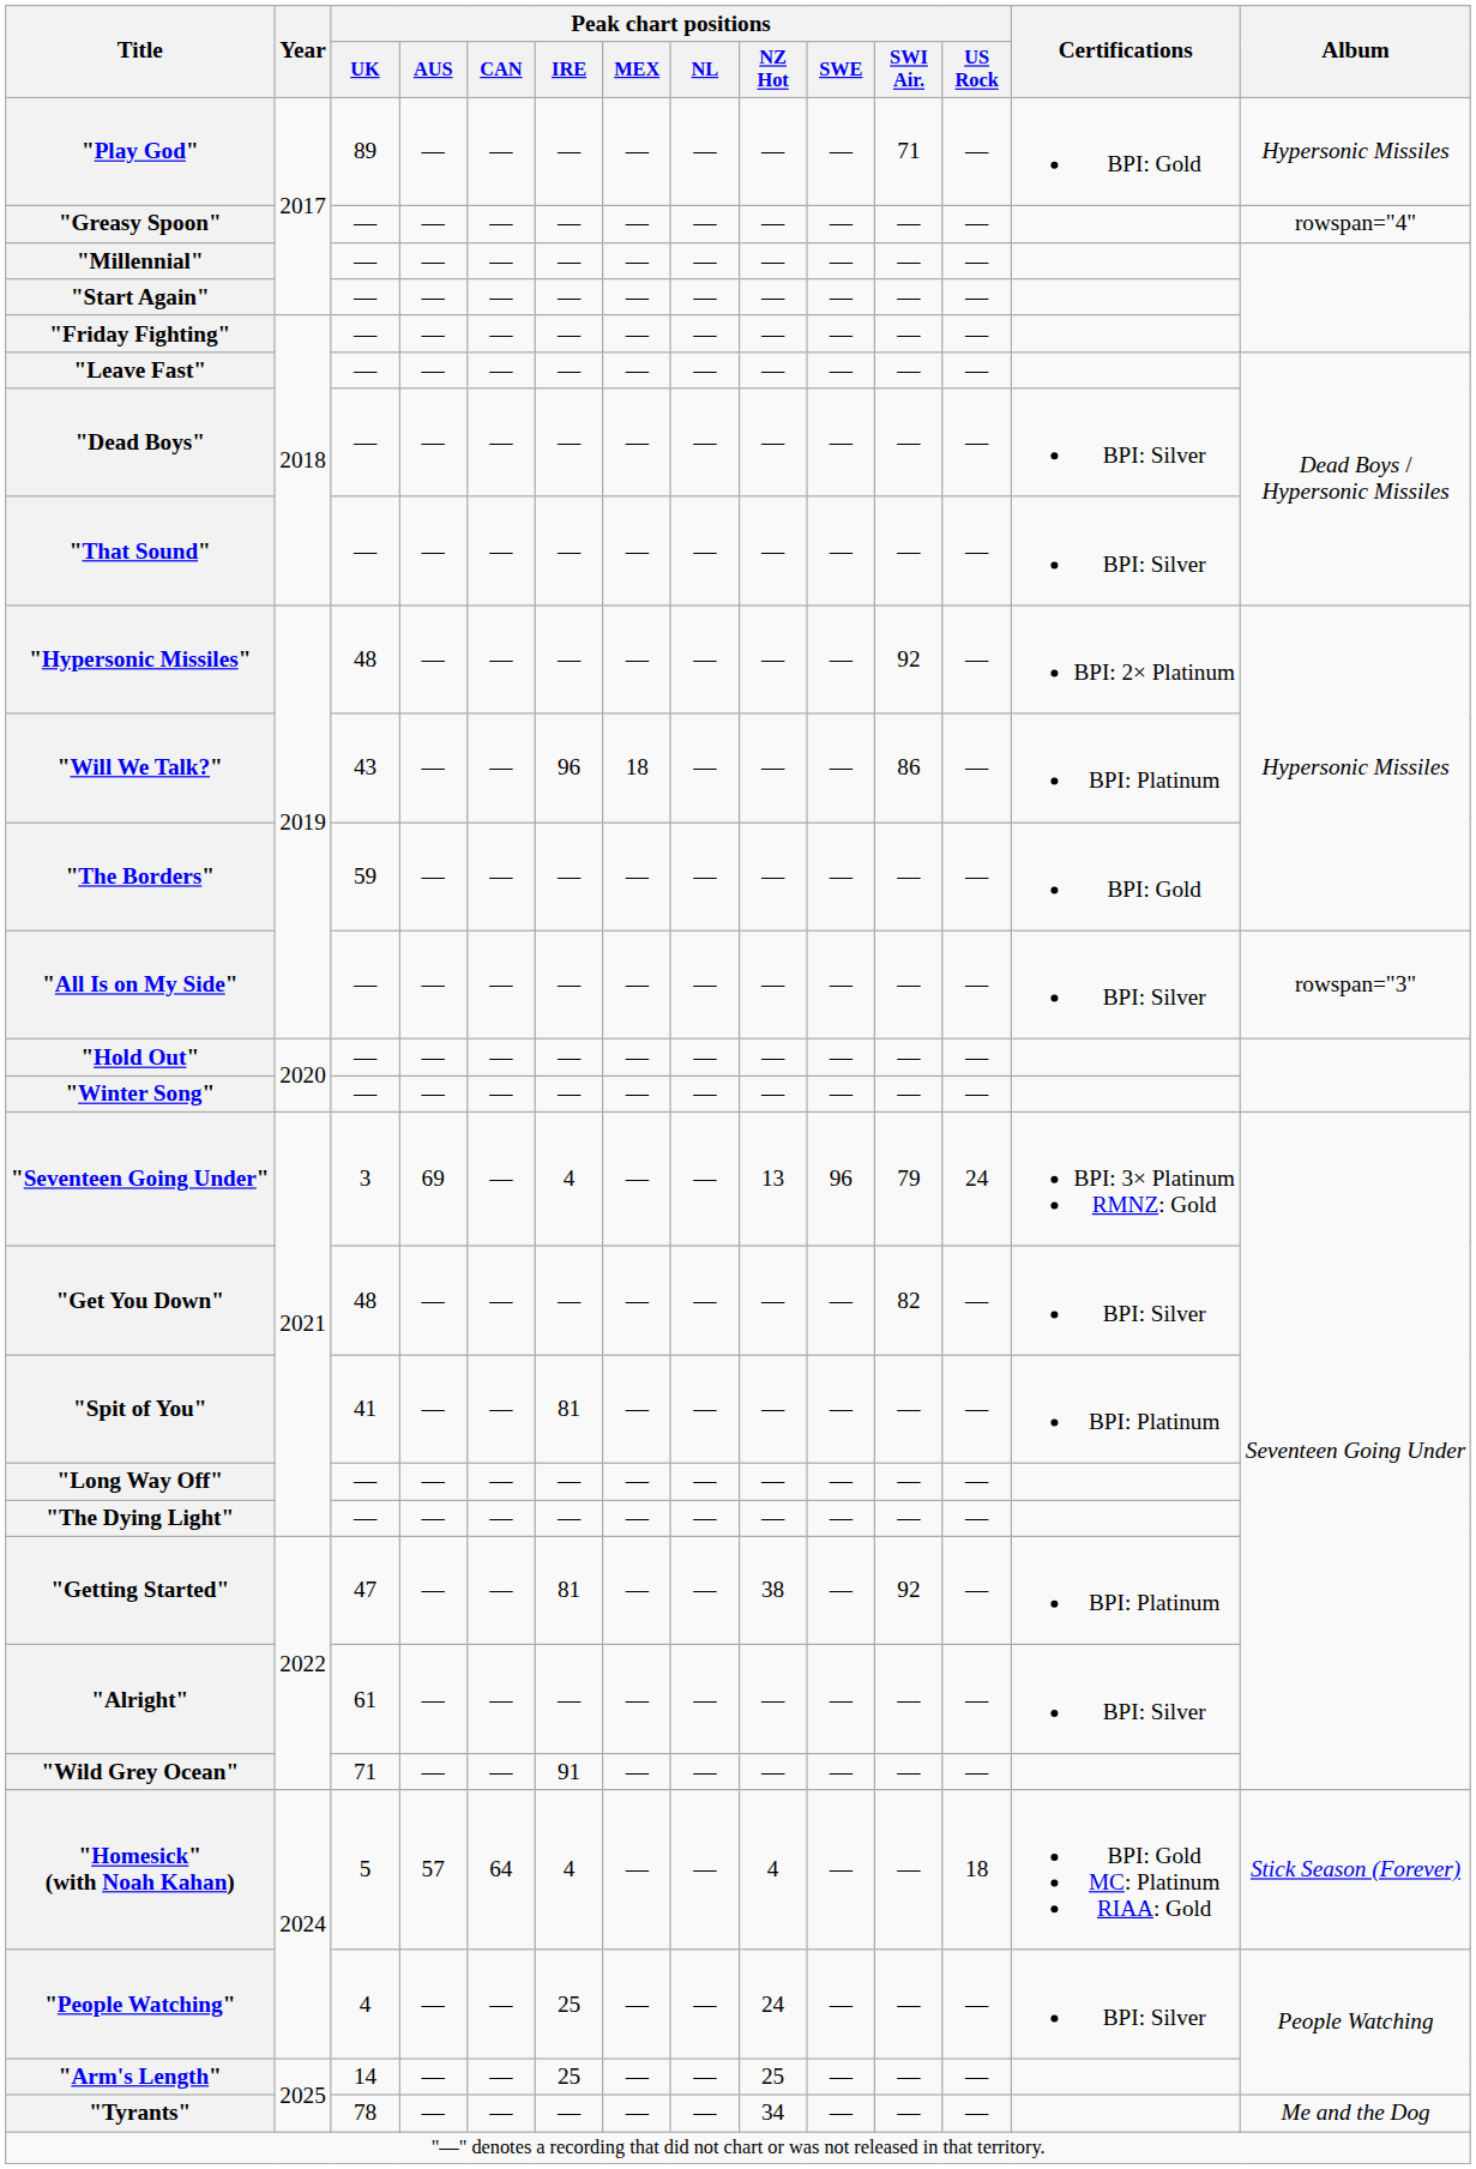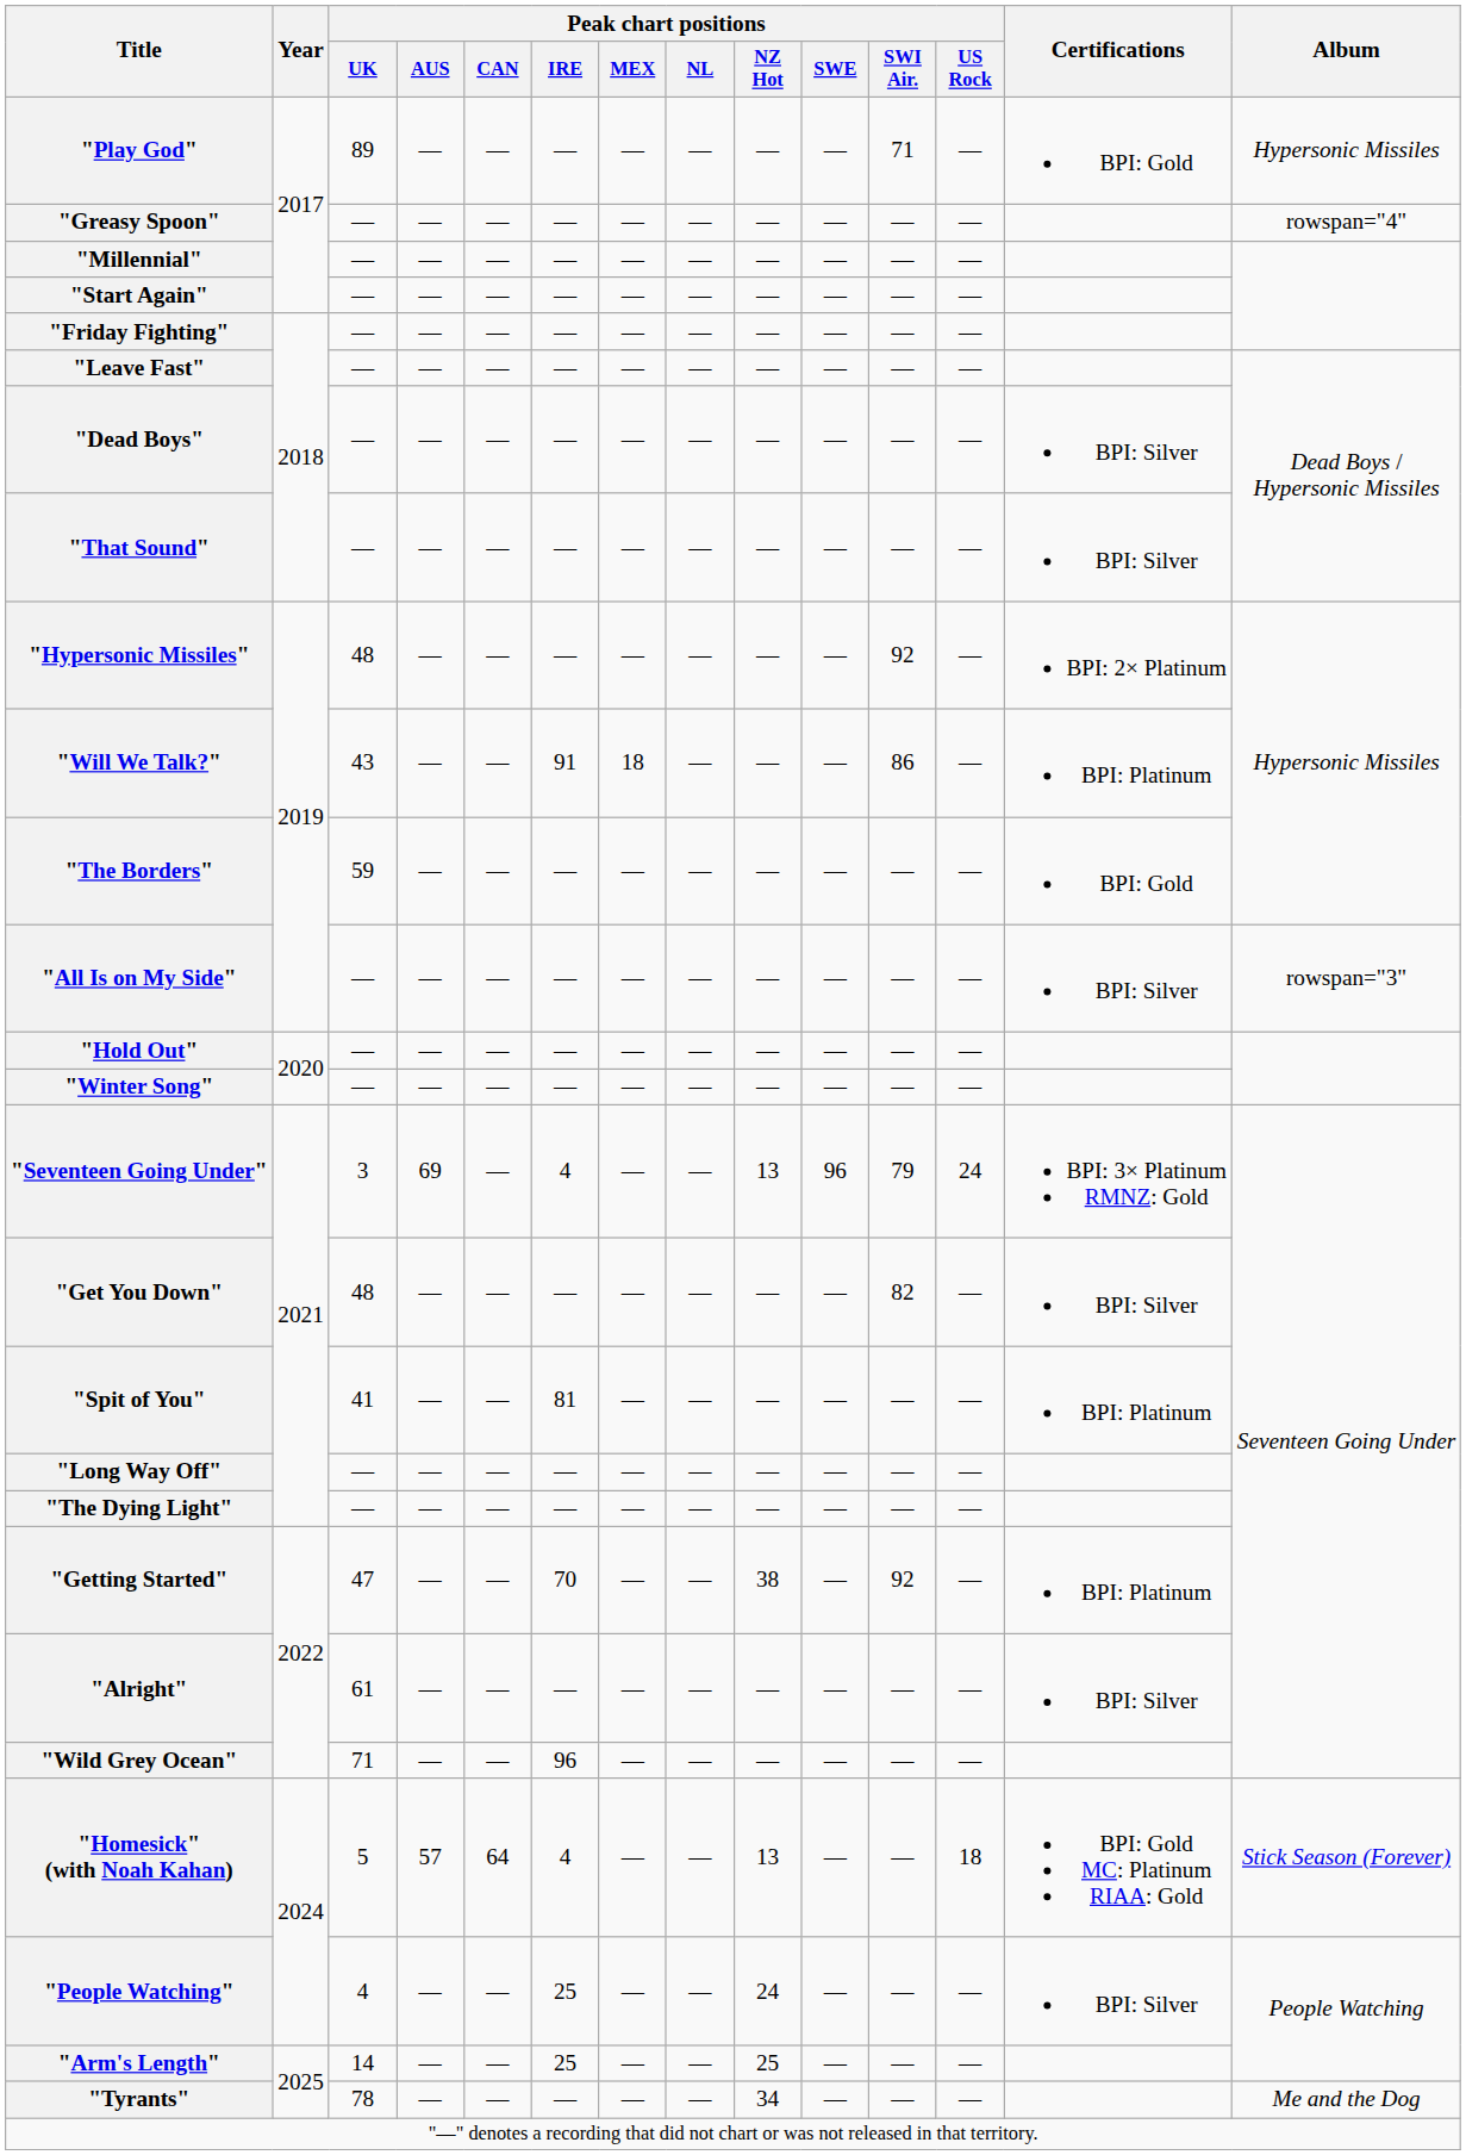 <table class="wikitable plainrowheaders" style="text-align:center;">
 <tr>
 <th scope="col" rowspan="2">Title</th>
 <th scope="col" rowspan="2" style="width:1em;">Year</th>
 <th scope="col" colspan="10">Peak chart positions</th>
 <th scope="col" rowspan="2">Certifications</th>
 <th scope="col" rowspan="2">Album</th>
 </tr>
 <tr>
 <th scope="col" style="width:3em;font-size:85%;"><a href='#'>UK</a><br></th>
 <th scope="col" style="width:3em;font-size:85%;"><a href='#'>AUS</a><br></th>
 <th scope="col" style="width:3em;font-size:85%;"><a href='#'>CAN</a><br></th>
 <th scope="col" style="width:3em;font-size:85%;"><a href='#'>IRE</a><br></th>
 <th scope="col" style="width:3em;font-size:85%;"><a href='#'>MEX</a><br></th>
 <th scope="col" style="width:3em;font-size:85%;"><a href='#'>NL</a><br></th>
 <th scope="col" style="width:3em;font-size:85%;"><a href='#'>NZ<br>Hot</a><br></th>
 <th scope="col" style="width:3em;font-size:85%;"><a href='#'>SWE</a><br></th>
 <th scope="col" style="width:3em;font-size:85%;"><a href='#'>SWI<br>Air.</a><br></th>
 <th scope="col" style="width:3em;font-size:85%;"><a href='#'>US<br>Rock</a><br></th>
 </tr>
 <tr>
 <th scope="row">"<a href='#'>Play God</a>"</th>
 <td rowspan="4">2017</td>
 <td>89</td>
 <td>—</td>
 <td>—</td>
 <td>—</td>
 <td>—</td>
 <td>—</td>
 <td>—</td>
 <td>—</td>
 <td>71</td>
 <td>—</td>
 <td><br><ul><li>BPI: Gold</li></ul></td>
 <td><em>Hypersonic Missiles</em></td>
 </tr>
 <tr>
 <th scope="row">"Greasy Spoon"</th>
 <td>—</td>
 <td>—</td>
 <td>—</td>
 <td>—</td>
 <td>—</td>
 <td>—</td>
 <td>—</td>
 <td>—</td>
 <td>—</td>
 <td>—</td>
 <td></td>
 <td>rowspan="4" </td>
 </tr>
 <tr>
 <th scope="row">"Millennial"</th>
 <td>—</td>
 <td>—</td>
 <td>—</td>
 <td>—</td>
 <td>—</td>
 <td>—</td>
 <td>—</td>
 <td>—</td>
 <td>—</td>
 <td>—</td>
 <td></td>
 </tr>
 <tr>
 <th scope="row">"Start Again"</th>
 <td>—</td>
 <td>—</td>
 <td>—</td>
 <td>—</td>
 <td>—</td>
 <td>—</td>
 <td>—</td>
 <td>—</td>
 <td>—</td>
 <td>—</td>
 <td></td>
 </tr>
 <tr>
 <th scope="row">"Friday Fighting"</th>
 <td rowspan="4">2018</td>
 <td>—</td>
 <td>—</td>
 <td>—</td>
 <td>—</td>
 <td>—</td>
 <td>—</td>
 <td>—</td>
 <td>—</td>
 <td>—</td>
 <td>—</td>
 <td></td>
 </tr>
 <tr>
 <th scope="row">"Leave Fast"</th>
 <td>—</td>
 <td>—</td>
 <td>—</td>
 <td>—</td>
 <td>—</td>
 <td>—</td>
 <td>—</td>
 <td>—</td>
 <td>—</td>
 <td>—</td>
 <td></td>
 <td rowspan="3"><em>Dead Boys</em> /<br><em>Hypersonic Missiles</em></td>
 </tr>
 <tr>
 <th scope="row">"Dead Boys"</th>
 <td>—</td>
 <td>—</td>
 <td>—</td>
 <td>—</td>
 <td>—</td>
 <td>—</td>
 <td>—</td>
 <td>—</td>
 <td>—</td>
 <td>—</td>
 <td><br><ul><li>BPI: Silver</li></ul></td>
 </tr>
 <tr>
 <th scope="row">"<a href='#'>That Sound</a>"</th>
 <td>—</td>
 <td>—</td>
 <td>—</td>
 <td>—</td>
 <td>—</td>
 <td>—</td>
 <td>—</td>
 <td>—</td>
 <td>—</td>
 <td>—</td>
 <td><br><ul><li>BPI: Silver</li></ul></td>
 </tr>
 <tr>
 <th scope="row">"<a href='#'>Hypersonic Missiles</a>"</th>
 <td rowspan="4">2019</td>
 <td>48</td>
 <td>—</td>
 <td>—</td>
 <td>—</td>
 <td>—</td>
 <td>—</td>
 <td>—</td>
 <td>—</td>
 <td>92</td>
 <td>—</td>
 <td><br><ul><li>BPI: 2× Platinum</li></ul></td>
 <td rowspan="3"><em>Hypersonic Missiles</em></td>
 </tr>
 <tr>
 <th scope="row">"<a href='#'>Will We Talk?</a>"</th>
 <td>43</td>
 <td>—</td>
 <td>—</td>
-<td>96</td>
+<td>91</td>
 <td>18</td>
 <td>—</td>
 <td>—</td>
 <td>—</td>
 <td>86</td>
 <td>—</td>
 <td><br><ul><li>BPI: Platinum</li></ul></td>
 </tr>
 <tr>
 <th scope="row">"<a href='#'>The Borders</a>"</th>
 <td>59</td>
 <td>—</td>
 <td>—</td>
 <td>—</td>
 <td>—</td>
 <td>—</td>
 <td>—</td>
 <td>—</td>
 <td>—</td>
 <td>—</td>
 <td><br><ul><li>BPI: Gold</li></ul></td>
 </tr>
 <tr>
 <th scope="row">"<a href='#'>All Is on My Side</a>"</th>
 <td>—</td>
 <td>—</td>
 <td>—</td>
 <td>—</td>
 <td>—</td>
 <td>—</td>
 <td>—</td>
 <td>—</td>
 <td>—</td>
 <td>—</td>
 <td><br><ul><li>BPI: Silver</li></ul></td>
 <td>rowspan="3" </td>
 </tr>
 <tr>
 <th scope="row">"<a href='#'>Hold Out</a>"</th>
 <td rowspan="2">2020</td>
 <td>—</td>
 <td>—</td>
 <td>—</td>
 <td>—</td>
 <td>—</td>
 <td>—</td>
 <td>—</td>
 <td>—</td>
 <td>—</td>
 <td>—</td>
 <td></td>
 </tr>
 <tr>
 <th scope="row">"<a href='#'>Winter Song</a>"</th>
 <td>—</td>
 <td>—</td>
 <td>—</td>
 <td>—</td>
 <td>—</td>
 <td>—</td>
 <td>—</td>
 <td>—</td>
 <td>—</td>
 <td>—</td>
 <td></td>
 </tr>
 <tr>
 <th scope="row">"<a href='#'>Seventeen Going Under</a>"</th>
 <td rowspan="5">2021</td>
 <td>3</td>
 <td>69</td>
 <td>—</td>
 <td>4</td>
 <td>—</td>
 <td>—</td>
 <td>13</td>
 <td>96</td>
 <td>79</td>
 <td>24</td>
 <td><br><ul><li>BPI: 3× Platinum</li><li><a href='#'>RMNZ</a>: Gold</li></ul></td>
 <td rowspan="8"><em>Seventeen Going Under</em></td>
 </tr>
 <tr>
 <th scope="row">"Get You Down"</th>
 <td>48</td>
 <td>—</td>
 <td>—</td>
 <td>—</td>
 <td>—</td>
 <td>—</td>
 <td>—</td>
 <td>—</td>
 <td>82</td>
 <td>—</td>
 <td><br><ul><li>BPI: Silver</li></ul></td>
 </tr>
 <tr>
 <th scope="row">"Spit of You"</th>
 <td>41</td>
 <td>—</td>
 <td>—</td>
 <td>81</td>
 <td>—</td>
 <td>—</td>
 <td>—</td>
 <td>—</td>
 <td>—</td>
 <td>—</td>
 <td><br><ul><li>BPI: Platinum</li></ul></td>
 </tr>
 <tr>
 <th scope="row">"Long Way Off"</th>
 <td>—</td>
 <td>—</td>
 <td>—</td>
 <td>—</td>
 <td>—</td>
 <td>—</td>
 <td>—</td>
 <td>—</td>
 <td>—</td>
 <td>—</td>
 <td></td>
 </tr>
 <tr>
 <th scope="row">"The Dying Light"</th>
 <td>—</td>
 <td>—</td>
 <td>—</td>
 <td>—</td>
 <td>—</td>
 <td>—</td>
 <td>—</td>
 <td>—</td>
 <td>—</td>
 <td>—</td>
 <td></td>
 </tr>
 <tr>
 <th scope="row">"Getting Started"</th>
 <td rowspan="3">2022</td>
 <td>47</td>
 <td>—</td>
 <td>—</td>
-<td>81</td>
+<td>70</td>
 <td>—</td>
 <td>—</td>
 <td>38</td>
 <td>—</td>
 <td>92</td>
 <td>—</td>
 <td><br><ul><li>BPI: Platinum</li></ul></td>
 </tr>
 <tr>
 <th scope="row">"Alright"</th>
 <td>61</td>
 <td>—</td>
 <td>—</td>
 <td>—</td>
 <td>—</td>
 <td>—</td>
 <td>—</td>
 <td>—</td>
 <td>—</td>
 <td>—</td>
 <td><br><ul><li>BPI: Silver</li></ul></td>
 </tr>
 <tr>
 <th scope="row">"Wild Grey Ocean"</th>
 <td>71</td>
 <td>—</td>
 <td>—</td>
-<td>91</td>
+<td>96</td>
 <td>—</td>
 <td>—</td>
 <td>—</td>
 <td>—</td>
 <td>—</td>
 <td>—</td>
 <td></td>
 </tr>
 <tr>
 <th scope="row">"<a href='#'>Homesick</a>"<br><span>(with <a href='#'>Noah Kahan</a>)</span></th>
 <td rowspan="2">2024</td>
 <td>5</td>
 <td>57</td>
 <td>64</td>
 <td>4</td>
 <td>—</td>
 <td>—</td>
-<td>4</td>
+<td>13</td>
 <td>—</td>
 <td>—</td>
 <td>18</td>
 <td><br><ul><li>BPI: Gold</li><li><a href='#'>MC</a>: Platinum</li><li><a href='#'>RIAA</a>: Gold</li></ul></td>
 <td><em><a href='#'>Stick Season (Forever)</a></em></td>
 </tr>
 <tr>
 <th scope="row">"<a href='#'>People Watching</a>"</th>
 <td>4</td>
 <td>—</td>
 <td>—</td>
 <td>25</td>
 <td>—</td>
 <td>—</td>
 <td>24</td>
 <td>—</td>
 <td>—</td>
 <td>—</td>
 <td><br><ul><li>BPI: Silver</li></ul></td>
 <td rowspan="2"><em>People Watching</em></td>
 </tr>
 <tr>
 <th scope="row">"<a href='#'>Arm's Length</a>"</th>
 <td rowspan="2">2025</td>
 <td>14</td>
 <td>—</td>
 <td>—</td>
 <td>25</td>
 <td>—</td>
 <td>—</td>
 <td>25</td>
 <td>—</td>
 <td>—</td>
 <td>—</td>
 <td></td>
 </tr>
 <tr>
 <th scope="row">"Tyrants"</th>
 <td>78</td>
 <td>—</td>
 <td>—</td>
 <td>—</td>
 <td>—</td>
 <td>—</td>
 <td>34</td>
 <td>—</td>
 <td>—</td>
 <td>—</td>
 <td></td>
 <td><em>Me and the Dog</em></td>
 </tr>
 <tr>
 <td colspan="14" style="font-size:85%">"—" denotes a recording that did not chart or was not released in that territory.</td>
 </tr>
 </table>
